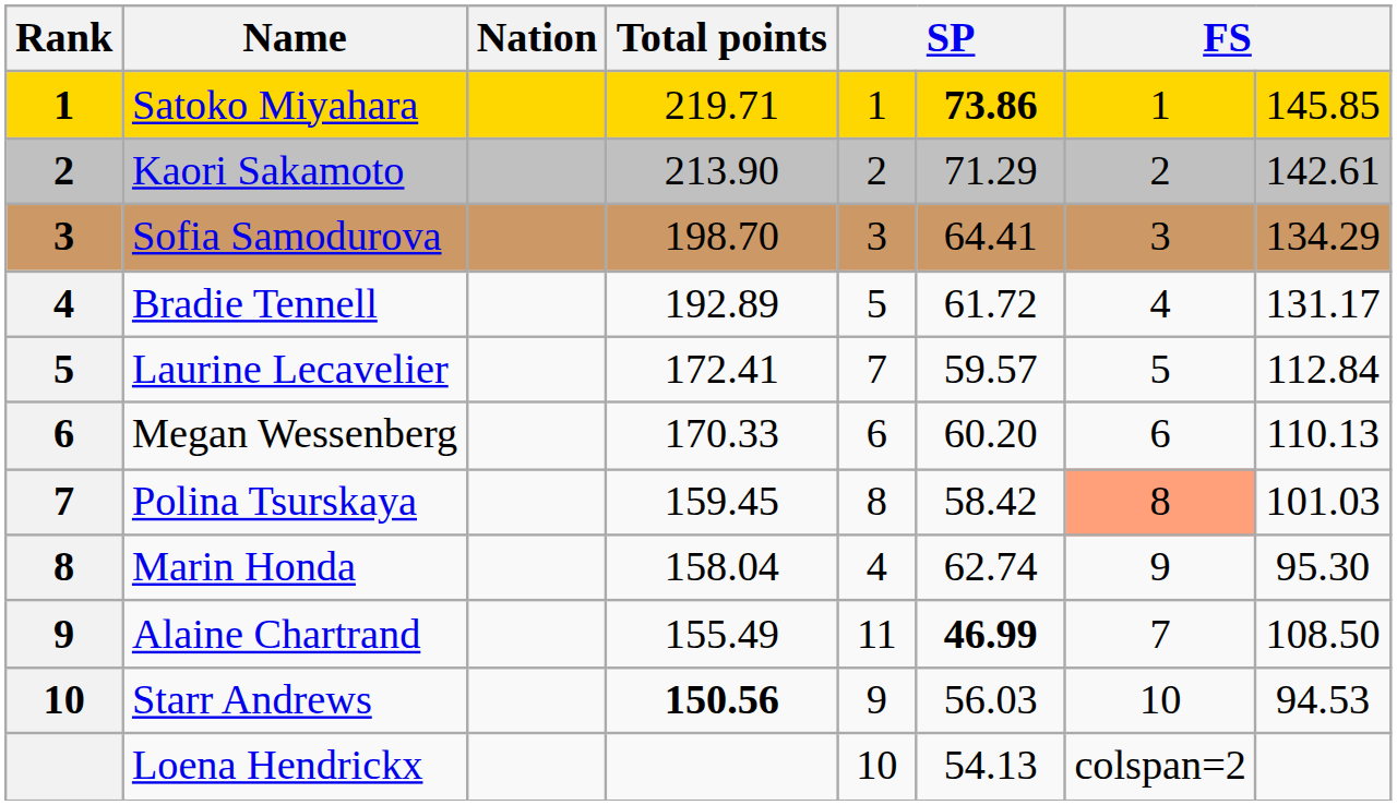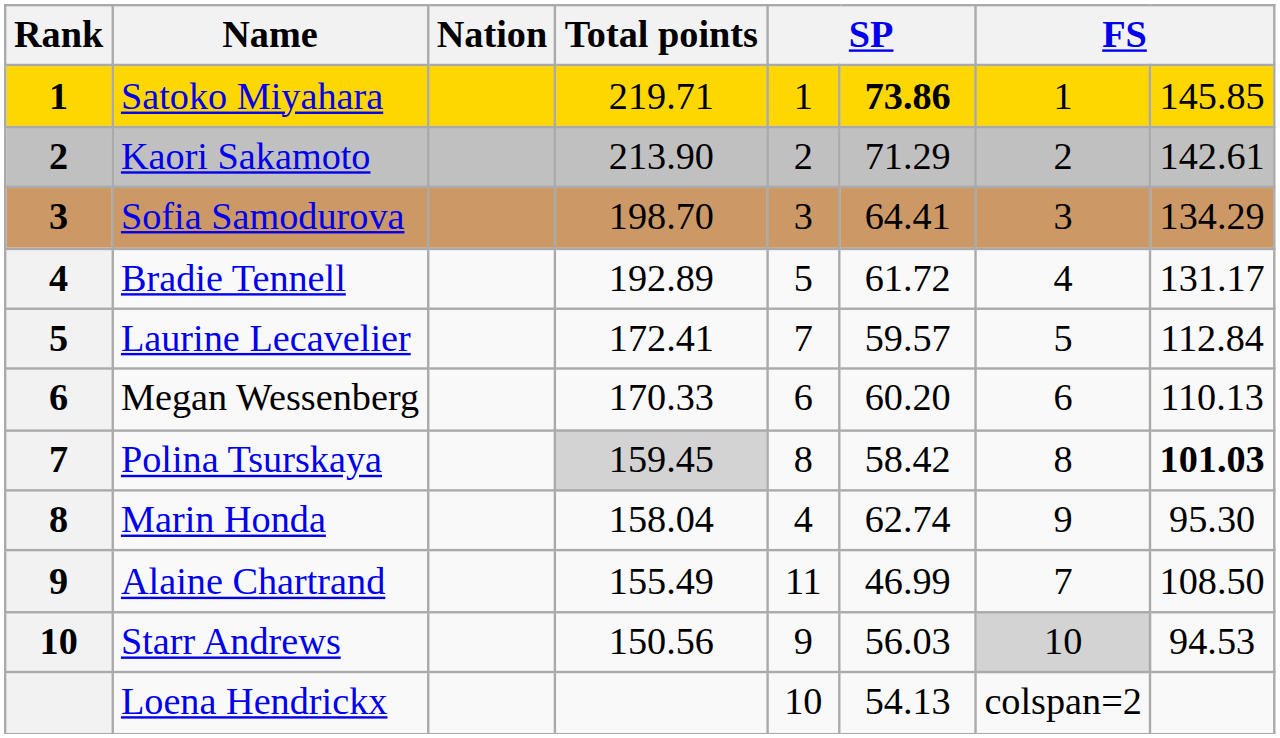 <table class="wikitable sortable">
 <tr>
 <th>Rank</th>
 <th>Name</th>
 <th>Nation</th>
 <th>Total points</th>
 <th colspan="2" width="80px"><a href='#'>SP</a></th>
 <th colspan="2" width="80px"><a href='#'>FS</a></th>
 </tr>
 <tr bgcolor="gold">
 <td align="center"><strong>1</strong></td>
 <td><a href='#'>Satoko Miyahara</a></td>
 <td></td>
 <td align="center">219.71</td>
 <td align="center">1</td>
 <td align="center"><strong>73.86</strong></td>
 <td align="center">1</td>
 <td align="center">145.85</td>
 </tr>
 <tr bgcolor="silver">
 <td align="center"><strong>2</strong></td>
 <td><a href='#'>Kaori Sakamoto</a></td>
 <td></td>
 <td align="center">213.90</td>
 <td align="center">2</td>
 <td align="center">71.29</td>
 <td align="center">2</td>
 <td align="center">142.61</td>
 </tr>
 <tr bgcolor="cc9966">
 <td align="center"><strong>3</strong></td>
 <td><a href='#'>Sofia Samodurova</a></td>
 <td></td>
 <td align="center">198.70</td>
 <td align="center">3</td>
 <td align="center">64.41</td>
 <td align="center">3</td>
 <td align="center">134.29</td>
 </tr>
 <tr>
 <th>4</th>
 <td><a href='#'>Bradie Tennell</a></td>
 <td></td>
 <td align="center">192.89</td>
 <td align="center">5</td>
 <td align="center">61.72</td>
 <td align="center">4</td>
 <td align="center">131.17</td>
 </tr>
 <tr>
 <th>5</th>
 <td><a href='#'>Laurine Lecavelier</a></td>
 <td></td>
 <td align="center">172.41</td>
 <td align="center">7</td>
 <td align="center">59.57</td>
 <td align="center">5</td>
 <td align="center">112.84</td>
 </tr>
 <tr>
 <th>6</th>
 <td>Megan Wessenberg</td>
 <td></td>
 <td align="center">170.33</td>
 <td align="center">6</td>
 <td align="center">60.20</td>
 <td align="center">6</td>
 <td align="center">110.13</td>
 </tr>
 <tr>
 <th>7</th>
 <td><a href='#'>Polina Tsurskaya</a></td>
 <td></td>
-<td align="center">159.45</td>
+<td align="center" style="background: lightgrey;">159.45</td>
 <td align="center">8</td>
 <td align="center">58.42</td>
-<td align="center" style="background: lightsalmon;">8</td>
-<td align="center">101.03</td>
+<td align="center">8</td>
+<td align="center"><strong>101.03</strong></td>
 </tr>
 <tr>
 <th>8</th>
 <td><a href='#'>Marin Honda</a></td>
 <td></td>
 <td align="center">158.04</td>
 <td align="center">4</td>
 <td align="center">62.74</td>
 <td align="center">9</td>
 <td align="center">95.30</td>
 </tr>
 <tr>
 <th>9</th>
 <td><a href='#'>Alaine Chartrand</a></td>
 <td></td>
 <td align="center">155.49</td>
 <td align="center">11</td>
-<td align="center"><strong>46.99</strong></td>
+<td align="center">46.99</td>
 <td align="center">7</td>
 <td align="center">108.50</td>
 </tr>
 <tr>
 <th>10</th>
 <td><a href='#'>Starr Andrews</a></td>
 <td></td>
-<td align="center"><strong>150.56</strong></td>
+<td align="center">150.56</td>
 <td align="center">9</td>
 <td align="center">56.03</td>
-<td align="center">10</td>
+<td align="center" style="background: lightgrey;">10</td>
 <td align="center">94.53</td>
 </tr>
 <tr>
 <th></th>
 <td><a href='#'>Loena Hendrickx</a></td>
 <td></td>
 <td></td>
 <td align="center">10</td>
 <td align="center">54.13</td>
 <td>colspan=2 </td>
 </tr>
 </table>
